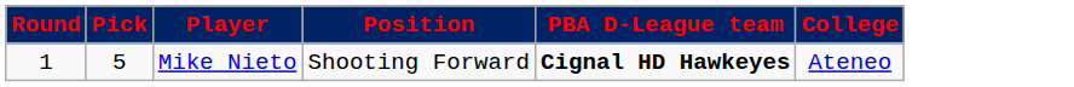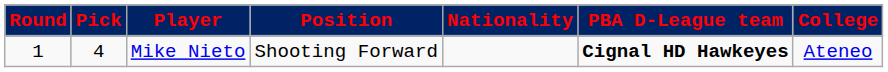 <table class="wikitable sortable sortable">
 <tr>
 <th style="background:#002366; color:#FE0003; ">Round</th>
 <th style="background:#002366; color:#FE0003; ">Pick</th>
 <th style="background:#002366; color:#FE0003; ">Player</th>
 <th style="background:#002366; color:#FE0003; ">Position</th>
+<th style="background:#002366; color:#FE0003; ">Nationality</th>
 <th style="background:#002366; color:#FE0003; ">PBA D-League team</th>
 <th style="background:#002366; color:#FE0003; ">College</th>
 </tr>
 <tr style="text-align: center">
 <td>1</td>
-<td>5</td>
+<td>4</td>
 <td><a href='#'>Mike Nieto</a></td>
 <td>Shooting Forward</td>
+<td></td>
 <td><strong>Cignal HD Hawkeyes</strong></td>
 <td><a href='#'>Ateneo</a></td>
 </tr>
 </table>
